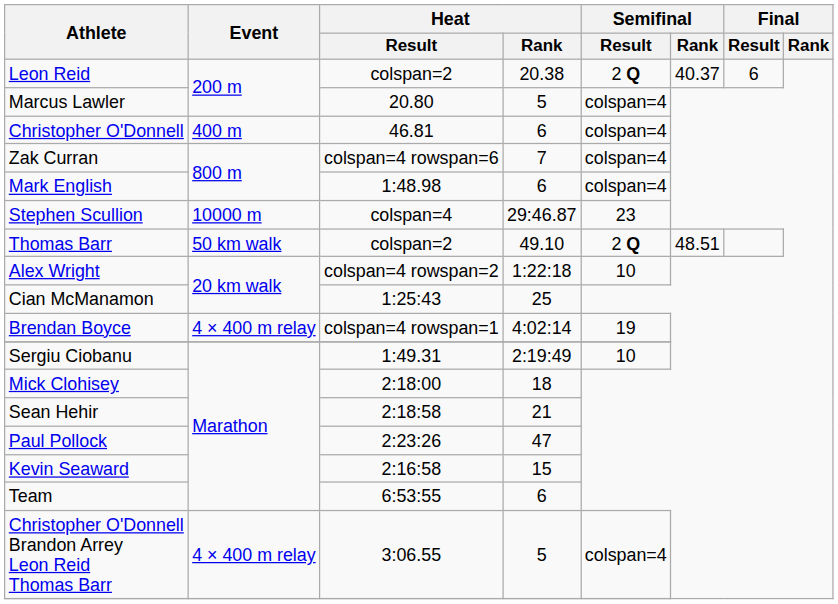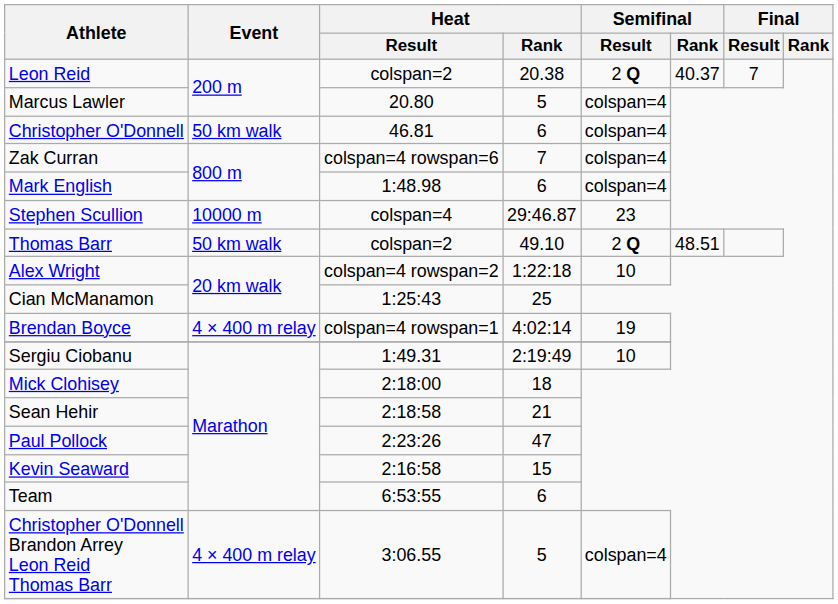 <table class="wikitable" style="font-size:90%">
 <tr>
 <th rowspan=2>Athlete</th>
 <th rowspan=2>Event</th>
 <th colspan=2>Heat</th>
 <th colspan=2>Semifinal</th>
 <th colspan=2>Final</th>
 </tr>
 <tr style="font-size:95%">
 <th>Result</th>
 <th>Rank</th>
 <th>Result</th>
 <th>Rank</th>
 <th>Result</th>
 <th>Rank</th>
 </tr>
 <tr align=center>
 <td align=left><a href='#'>Leon Reid</a></td>
 <td style="text-align:left;" rowspan="2"><a href='#'>200 m</a></td>
 <td>colspan=2 </td>
 <td>20.38</td>
 <td>2 <strong>Q</strong></td>
 <td>40.37</td>
-<td>6</td>
+<td>7</td>
 </tr>
 <tr align=center>
 <td align=left>Marcus Lawler</td>
 <td>20.80</td>
 <td>5</td>
 <td>colspan=4 </td>
 </tr>
 <tr align=center>
 <td align=left><a href='#'>Christopher O'Donnell</a></td>
-<td style="text-align:left;" rowspan="1"><a href='#'>400 m</a></td>
+<td style="text-align:left;" rowspan="1"><a href='#'>50 km walk</a></td>
 <td>46.81</td>
 <td>6</td>
 <td>colspan=4 </td>
 </tr>
 <tr align=center>
 <td align=left>Zak Curran</td>
 <td style="text-align:left;" rowspan="2"><a href='#'>800 m</a></td>
 <td>colspan=4 rowspan=6 </td>
 <td>7</td>
 <td>colspan=4 </td>
 </tr>
 <tr align=center>
 <td align=left><a href='#'>Mark English</a></td>
 <td>1:48.98</td>
 <td>6</td>
 <td>colspan=4 </td>
 </tr>
 <tr align=center>
 <td align=left><a href='#'>Stephen Scullion</a></td>
 <td align=left rowspan=1><a href='#'>10000 m</a></td>
 <td>colspan=4 </td>
 <td>29:46.87</td>
 <td>23</td>
 </tr>
 <tr align=center>
 <td align=left><a href='#'>Thomas Barr</a></td>
 <td style="text-align:left;" rowspan="1"><a href='#'>50 km walk</a></td>
 <td>colspan=2 </td>
 <td>49.10</td>
 <td>2 <strong>Q</strong></td>
 <td>48.51</td>
 <td></td>
 </tr>
 <tr align=center>
 <td align=left><a href='#'>Alex Wright</a></td>
 <td style="text-align:left;" rowspan="2"><a href='#'>20 km walk</a></td>
 <td>colspan=4 rowspan=2 </td>
 <td>1:22:18</td>
 <td>10</td>
 </tr>
 <tr align=center>
 <td align=left>Cian McManamon</td>
 <td>1:25:43</td>
 <td>25</td>
 </tr>
 <tr align=center>
 <td align=left><a href='#'>Brendan Boyce</a></td>
 <td align=left><a href='#'>4 × 400 m relay</a></td>
 <td>colspan=4 rowspan=1 </td>
 <td>4:02:14</td>
 <td>19</td>
 </tr>
 <tr align=center>
 </tr>
 <tr align=center>
 <td align=left>Sergiu Ciobanu</td>
 <td style="text-align:left;" rowspan="6"><a href='#'>Marathon</a></td>
 <td>1:49.31</td>
 <td>2:19:49</td>
 <td>10</td>
 </tr>
 <tr align=center>
 <td align=left><a href='#'>Mick Clohisey</a></td>
 <td>2:18:00</td>
 <td>18</td>
 </tr>
 <tr align=center>
 <td align=left>Sean Hehir</td>
 <td>2:18:58</td>
 <td>21</td>
 </tr>
 <tr align=center>
 <td align=left><a href='#'>Paul Pollock</a></td>
 <td>2:23:26</td>
 <td>47</td>
 </tr>
 <tr align=center>
 <td align=left><a href='#'>Kevin Seaward</a></td>
 <td>2:16:58</td>
 <td>15</td>
 </tr>
 <tr align=center>
 <td align=left>Team</td>
 <td>6:53:55</td>
 <td>6</td>
 </tr>
 <tr align=center>
 <td align=left><a href='#'>Christopher O'Donnell</a><br>Brandon Arrey<br><a href='#'>Leon Reid</a> <br><a href='#'>Thomas Barr</a> <br></td>
 <td align=left><a href='#'>4 × 400 m relay</a></td>
 <td>3:06.55</td>
 <td>5</td>
 <td>colspan=4 </td>
 </tr>
 <tr align=center>
 </tr>
 </table>
